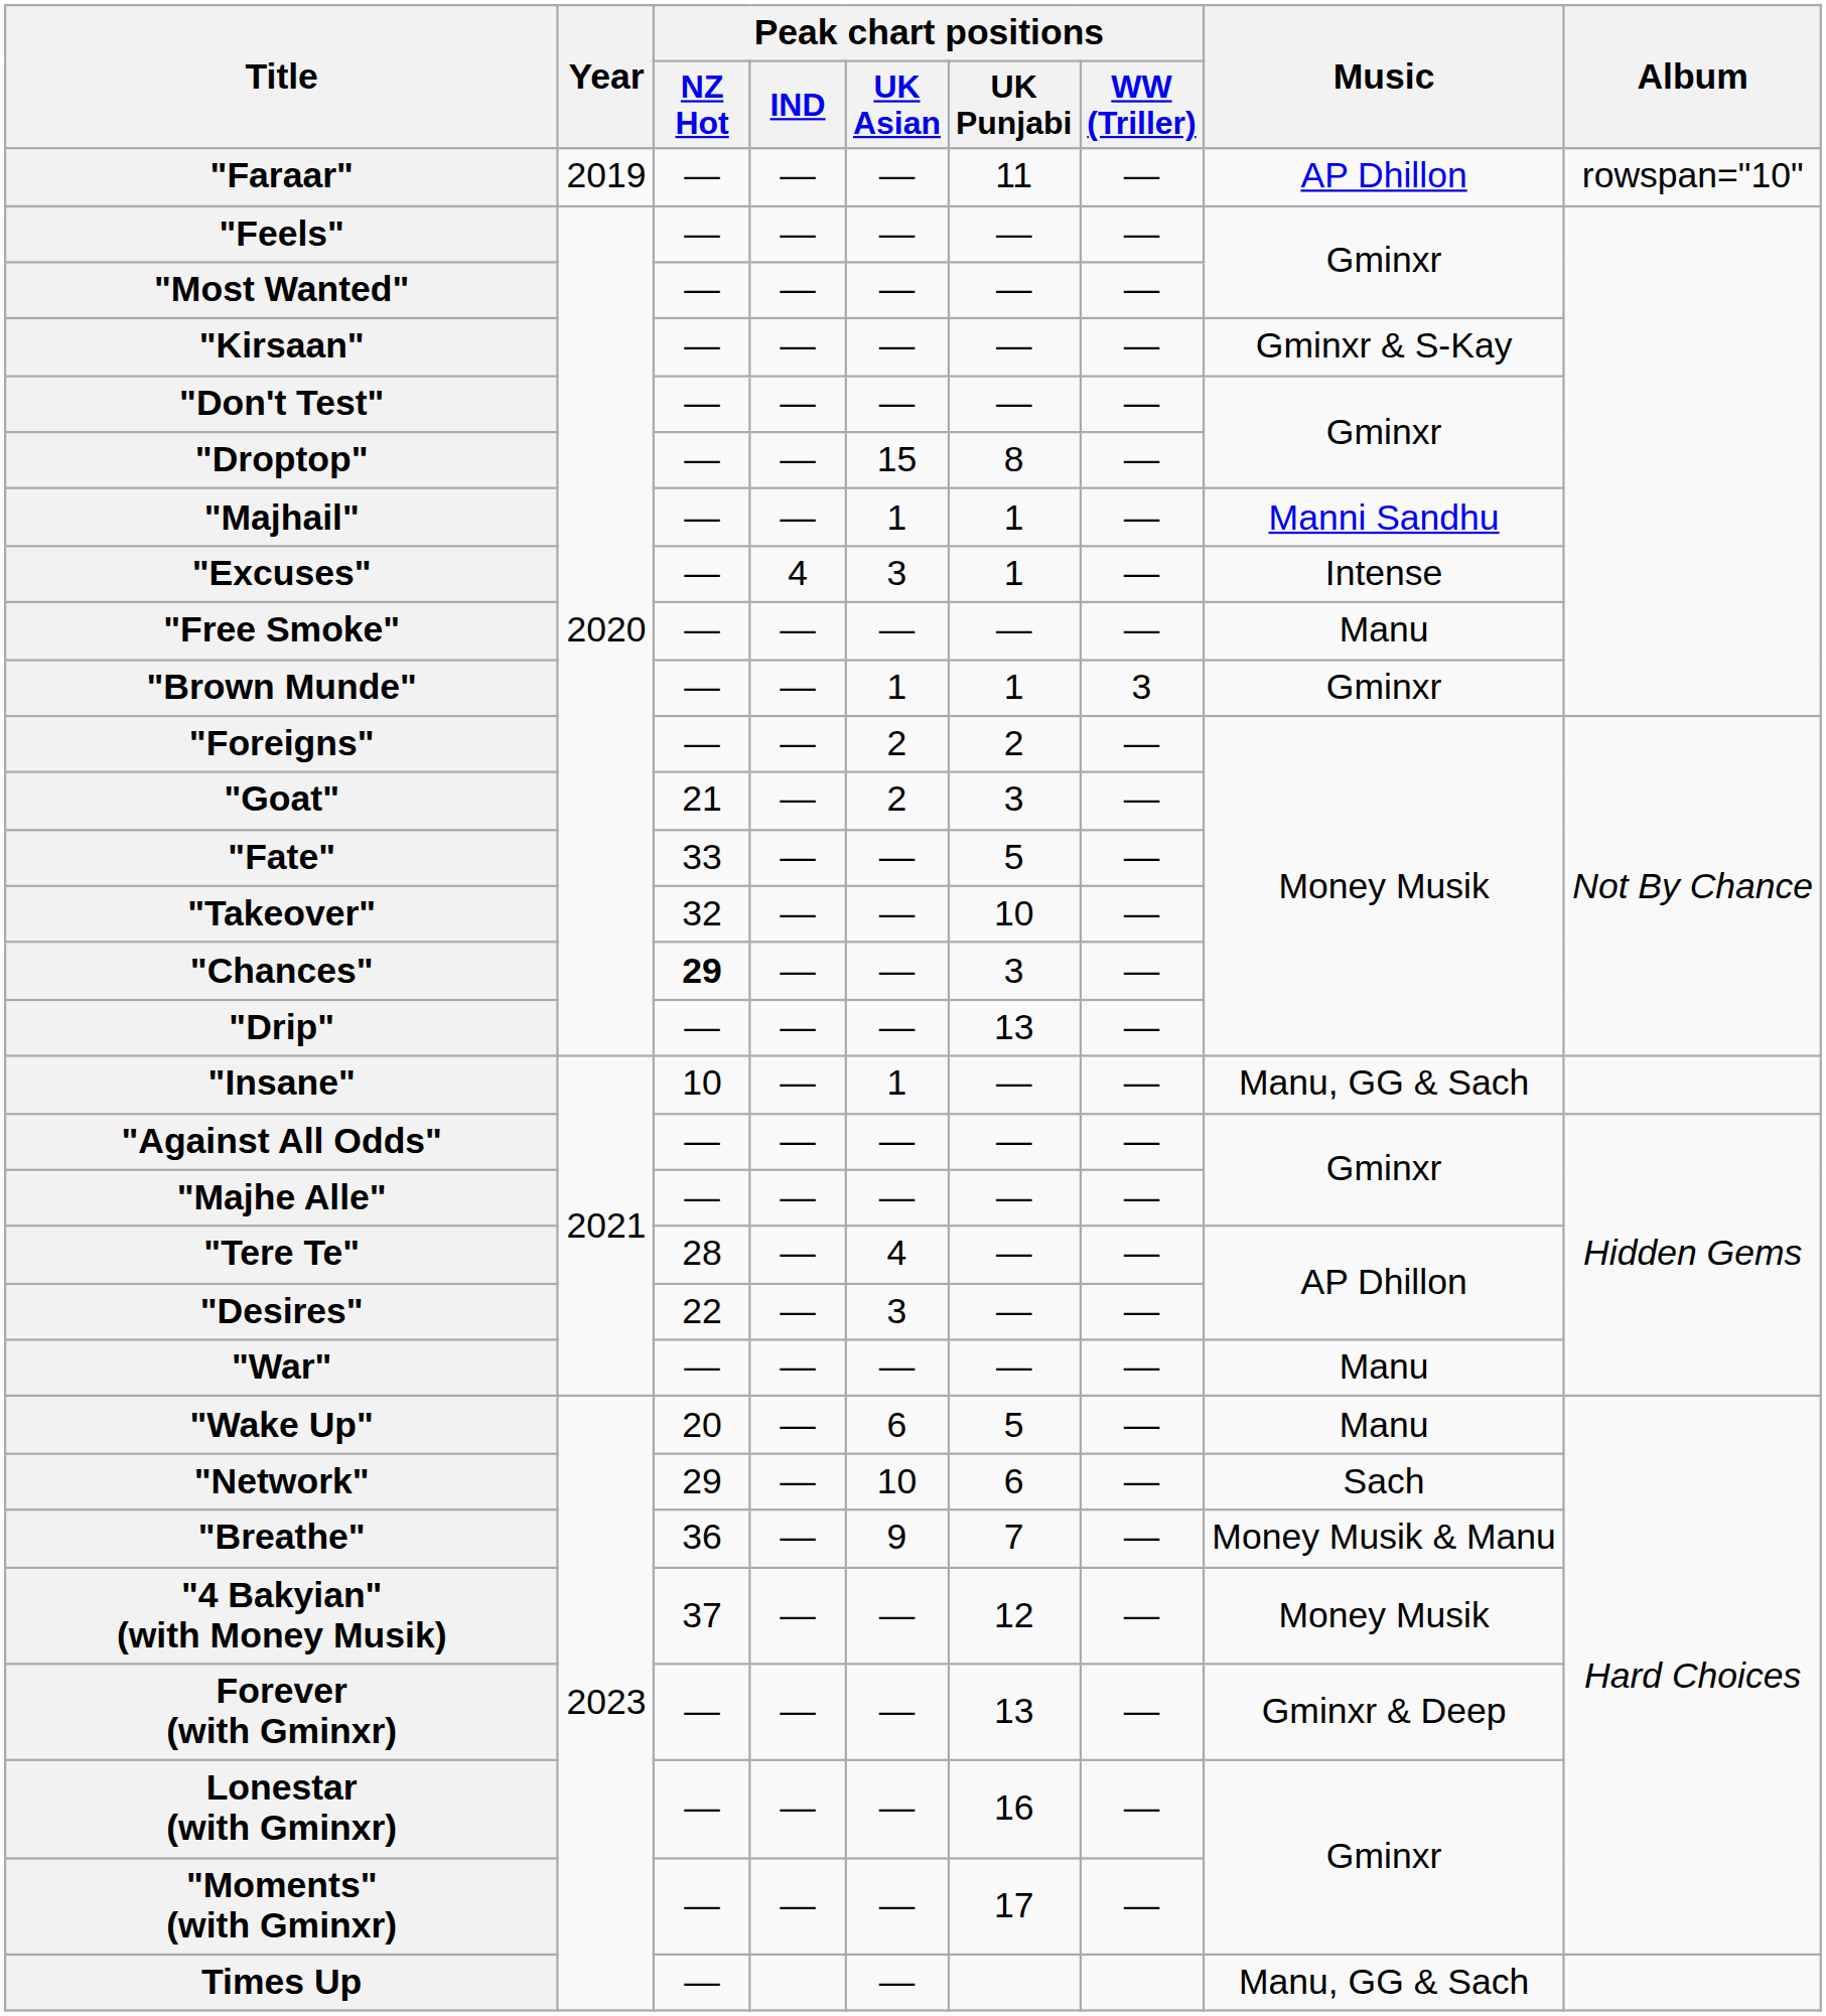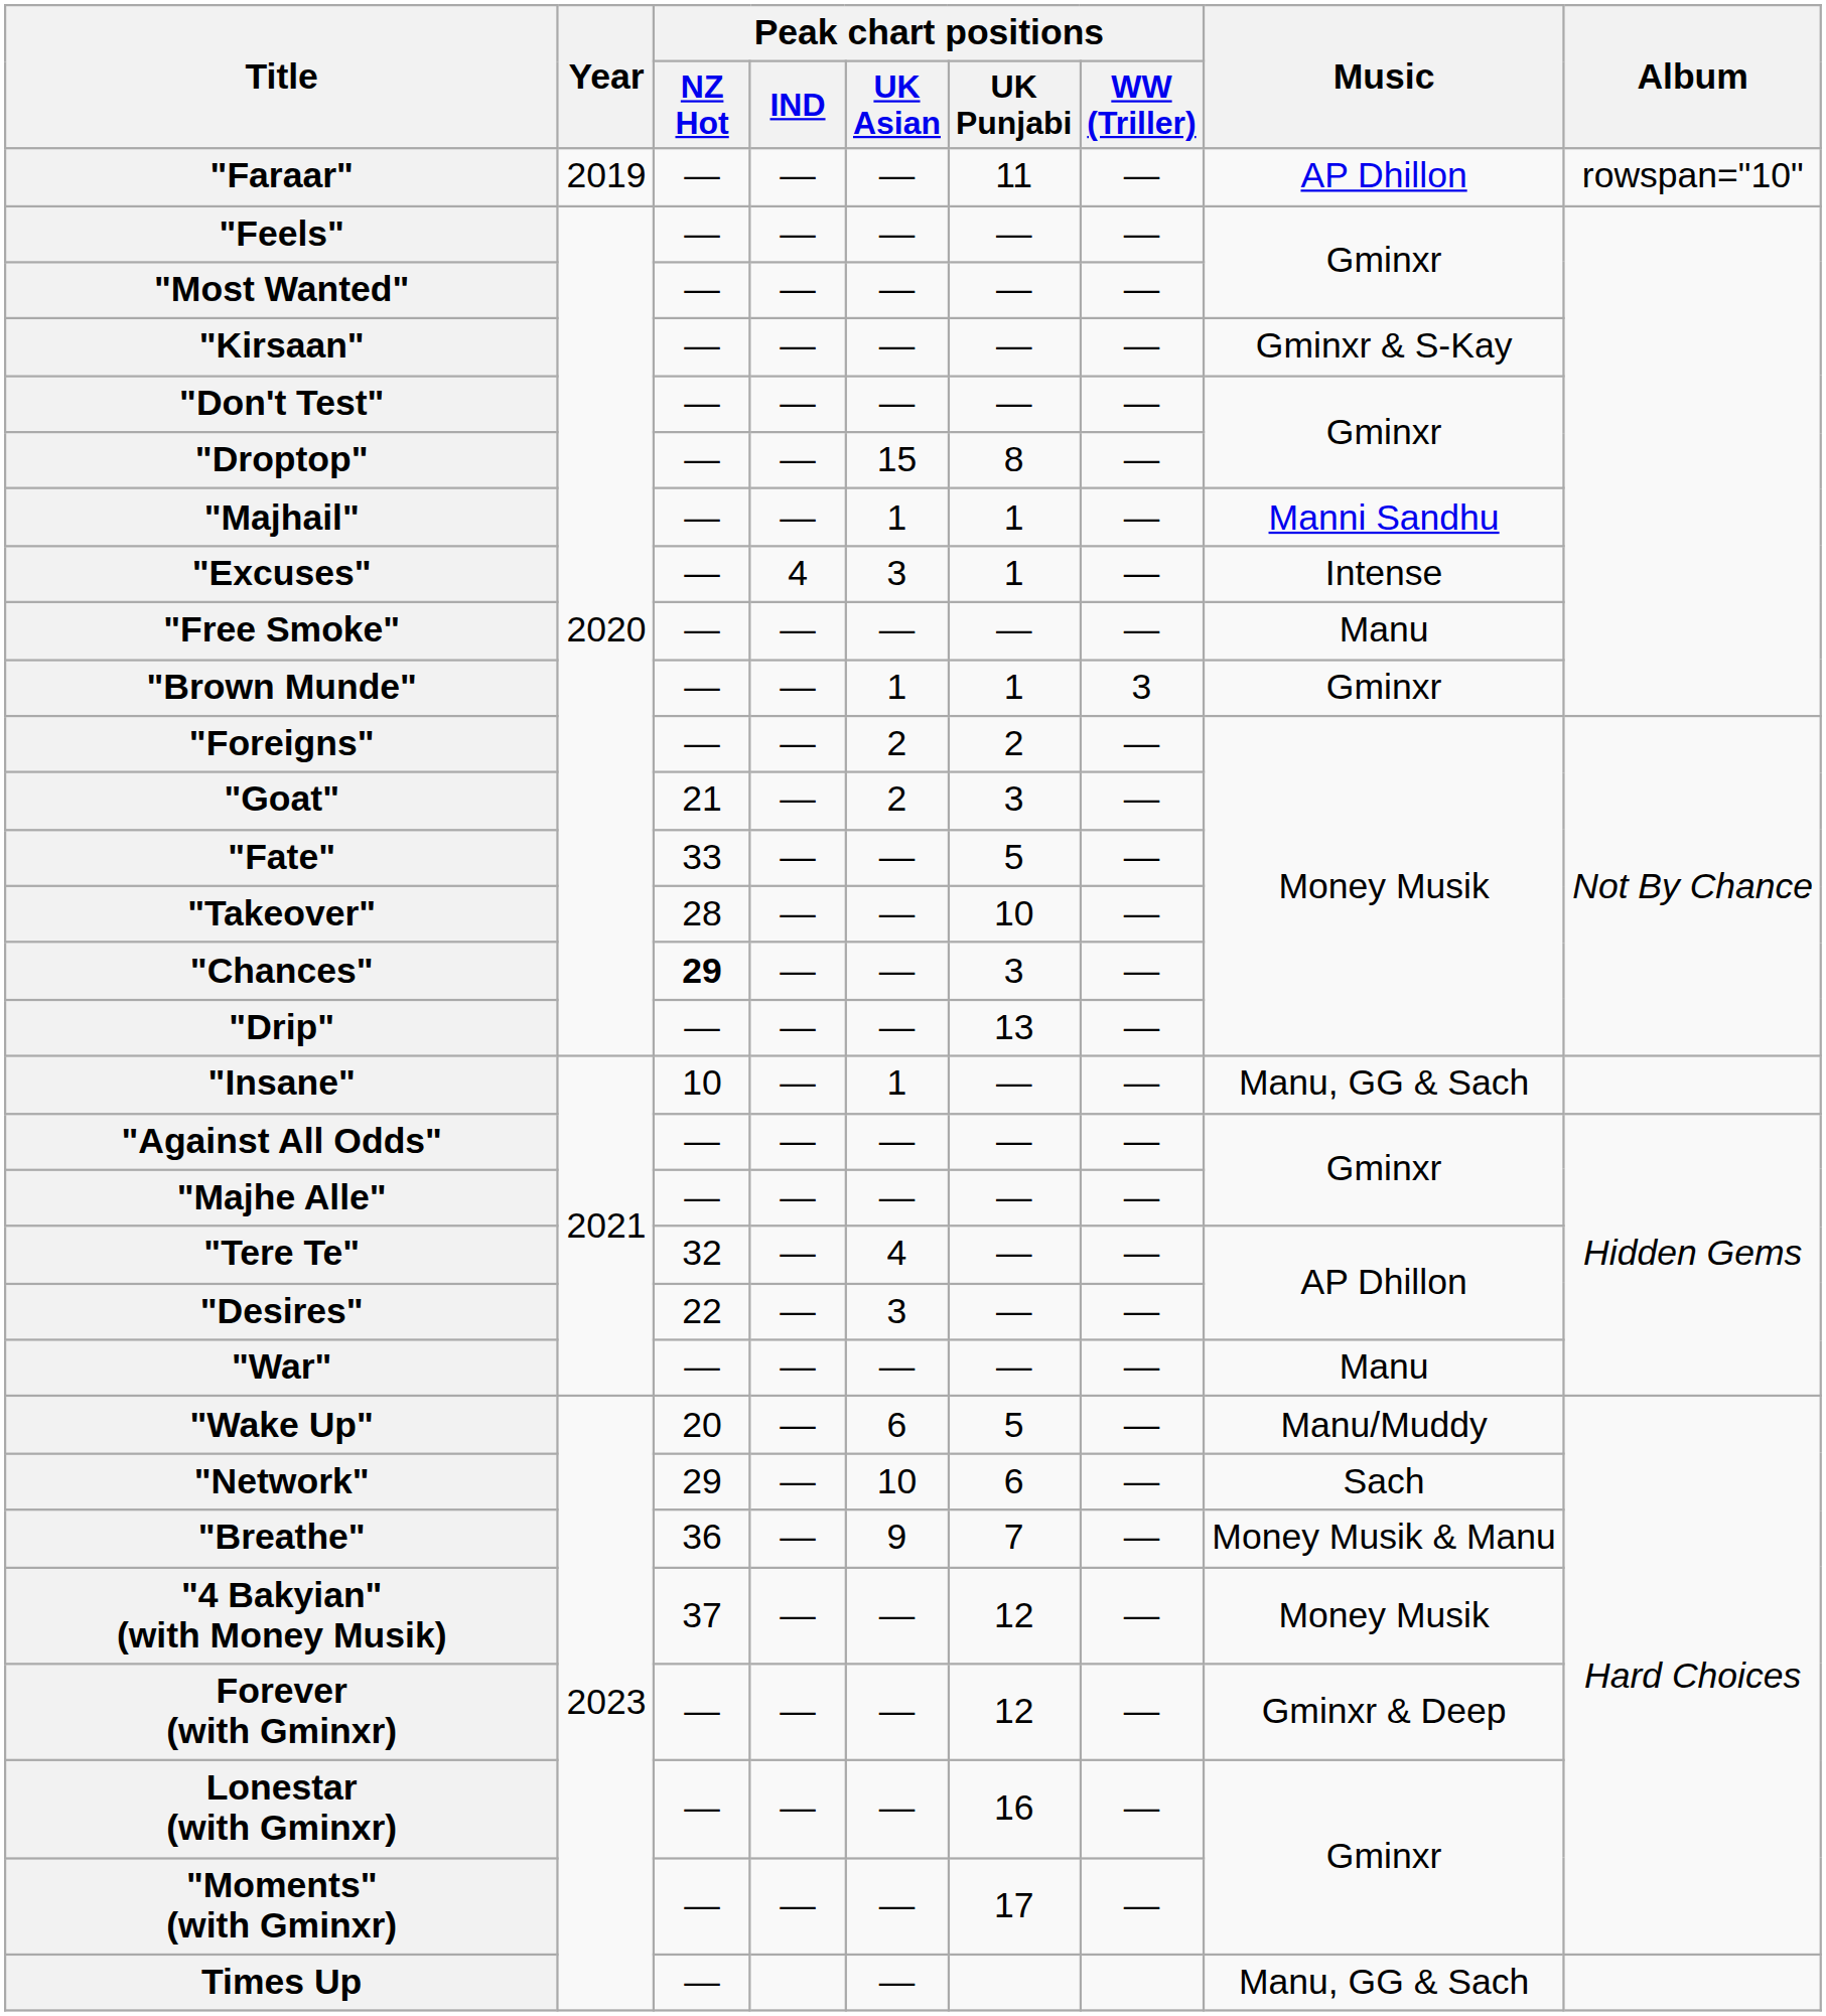 <table class="wikitable plainrowheaders" style="text-align:center;">
 <tr>
 <th rowspan="2" scope="col" style="width:15em;">Title</th>
 <th rowspan="2" scope="col">Year</th>
 <th colspan="5">Peak chart positions</th>
 <th rowspan="2" scope="col">Music</th>
 <th rowspan="2" scope="col">Album</th>
 </tr>
 <tr>
 <th scope="col" style="width:2.5em;font-size:90%;"><a href='#'>NZ<br>Hot</a><br></th>
 <th scope="col" style="width:2.5em;font-size:90%;"><a href='#'>IND</a></th>
 <th scope="col" style="width:2.5em;font-size:90%;"><a href='#'>UK<br>Asian</a></th>
 <th scope="col" style="width:2.5em;font-size:90%;">UK Punjabi</th>
 <th scope="col" style="width:2.5em;font-size:90%;"><a href='#'>WW (Triller)</a></th>
 </tr>
 <tr>
 <th scope="row">"Faraar"<br></th>
 <td>2019</td>
 <td>—</td>
 <td>—</td>
 <td>—</td>
 <td>11</td>
 <td>—</td>
 <td><a href='#'>AP Dhillon</a></td>
 <td>rowspan="10" </td>
 </tr>
 <tr>
 <th scope="row">"Feels"<br></th>
 <td rowspan="15">2020</td>
 <td>—</td>
 <td>—</td>
 <td>—</td>
 <td>—</td>
 <td>—</td>
 <td rowspan="2">Gminxr</td>
 </tr>
 <tr>
 <th scope="row">"Most Wanted"<br></th>
 <td>—</td>
 <td>—</td>
 <td>—</td>
 <td>—</td>
 <td>—</td>
 </tr>
 <tr>
 <th scope="row">"Kirsaan"<br></th>
 <td>—</td>
 <td>—</td>
 <td>—</td>
 <td>—</td>
 <td>—</td>
 <td>Gminxr & S-Kay</td>
 </tr>
 <tr>
 <th scope="row">"Don't Test"</th>
 <td>—</td>
 <td>—</td>
 <td>—</td>
 <td>—</td>
 <td>—</td>
 <td rowspan="2">Gminxr</td>
 </tr>
 <tr>
 <th scope="row">"Droptop"<br></th>
 <td>—</td>
 <td>—</td>
 <td>15</td>
 <td>8</td>
 <td>—</td>
 </tr>
 <tr>
 <th scope="row">"Majhail"<br></th>
 <td>—</td>
 <td>—</td>
 <td>1</td>
 <td>1</td>
 <td>—</td>
 <td><a href='#'>Manni Sandhu</a></td>
 </tr>
 <tr>
 <th scope="row">"Excuses"<br></th>
 <td>—</td>
 <td>4</td>
 <td>3</td>
 <td>1</td>
 <td>—</td>
 <td>Intense</td>
 </tr>
 <tr>
 <th scope="row">"Free Smoke"<br></th>
 <td>—</td>
 <td>—</td>
 <td>—</td>
 <td>—</td>
 <td>—</td>
 <td>Manu</td>
 </tr>
 <tr>
 <th scope="row">"Brown Munde"<br></th>
 <td>—</td>
 <td>—</td>
 <td>1</td>
 <td>1</td>
 <td>3</td>
 <td>Gminxr</td>
 </tr>
 <tr>
 <th scope="row">"Foreigns"<br></th>
 <td>—</td>
 <td>—</td>
 <td>2</td>
 <td>2</td>
 <td>—</td>
 <td rowspan="6">Money Musik</td>
 <td rowspan="6"><em>Not By Chance</em></td>
 </tr>
 <tr>
 <th scope="row">"Goat"<br></th>
 <td>21</td>
 <td>—</td>
 <td>2</td>
 <td>3</td>
 <td>—</td>
 </tr>
 <tr>
 <th scope="row">"Fate"<br></th>
 <td>33</td>
 <td>—</td>
 <td>—</td>
 <td>5</td>
 <td>—</td>
 </tr>
 <tr>
 <th scope="row">"Takeover"<br></th>
-<td>32</td>
+<td>28</td>
 <td>—</td>
 <td>—</td>
 <td>10</td>
 <td>—</td>
 </tr>
 <tr>
 <th scope="row">"Chances"<br></th>
 <td><strong>29</strong></td>
 <td>—</td>
 <td>—</td>
 <td>3</td>
 <td>—</td>
 </tr>
 <tr>
 <th scope="row">"Drip" <br></th>
 <td>—</td>
 <td>—</td>
 <td>—</td>
 <td>13</td>
 <td>—</td>
 </tr>
 <tr>
 <th scope="row">"Insane"<br> </th>
 <td rowspan="6">2021</td>
 <td>10</td>
 <td>—</td>
 <td>1</td>
 <td>—</td>
 <td>—</td>
 <td>Manu, GG & Sach</td>
 <td></td>
 </tr>
 <tr>
 <th scope="row">"Against All Odds"<br> </th>
 <td>—</td>
 <td>—</td>
 <td>—</td>
 <td>—</td>
 <td>—</td>
 <td rowspan="2">Gminxr</td>
 <td rowspan="5"><em>Hidden Gems</em></td>
 </tr>
 <tr>
 <th scope="row">"Majhe Alle"<br> </th>
 <td>—</td>
 <td>—</td>
 <td>—</td>
 <td>—</td>
 <td>—</td>
 </tr>
 <tr>
 <th scope="row">"Tere Te"<br> </th>
-<td>28</td>
+<td>32</td>
 <td>—</td>
 <td>4</td>
 <td>—</td>
 <td>—</td>
 <td rowspan="2">AP Dhillon</td>
 </tr>
 <tr>
 <th scope="row">"Desires"<br> </th>
 <td>22</td>
 <td>—</td>
 <td>3</td>
 <td>—</td>
 <td>—</td>
 </tr>
 <tr>
 <th scope="row">"War" </th>
 <td>—</td>
 <td>—</td>
 <td>—</td>
 <td>—</td>
 <td>—</td>
 <td>Manu</td>
 </tr>
 <tr>
 <th scope="row">"Wake Up"</th>
 <td rowspan="8">2023</td>
 <td>20</td>
 <td>—</td>
 <td>6</td>
 <td>5</td>
 <td>—</td>
-<td>Manu</td>
+<td>Manu/Muddy</td>
 <td rowspan="7"><em>Hard Choices</em></td>
 </tr>
 <tr>
 <th scope="row">"Network"</th>
 <td>29</td>
 <td>—</td>
 <td>10</td>
 <td>6</td>
 <td>—</td>
 <td>Sach</td>
 </tr>
 <tr>
 <th scope="row">"Breathe"</th>
 <td>36</td>
 <td>—</td>
 <td>9</td>
 <td>7</td>
 <td>—</td>
 <td>Money Musik & Manu</td>
 </tr>
 <tr>
 <th scope="row">"4 Bakyian"<br><span>(with Money Musik)</span></th>
 <td>37</td>
 <td>—</td>
 <td>—</td>
 <td>12</td>
 <td>—</td>
 <td>Money Musik</td>
 </tr>
 <tr>
 <th scope="row">Forever<br><span>(with Gminxr)</span></th>
 <td>—</td>
 <td>—</td>
 <td>—</td>
-<td>13</td>
+<td>12</td>
 <td>—</td>
 <td>Gminxr & Deep</td>
 </tr>
 <tr>
 <th scope="row">Lonestar<br><span>(with Gminxr)</span></th>
 <td>—</td>
 <td>—</td>
 <td>—</td>
 <td>16</td>
 <td>—</td>
 <td rowspan="2">Gminxr</td>
 </tr>
 <tr>
 <th scope="row">"Moments"<br><span>(with Gminxr)</span></th>
 <td>—</td>
 <td>—</td>
 <td>—</td>
 <td>17</td>
 <td>—</td>
 </tr>
 <tr>
 <th scope="row">Times Up</th>
 <td>—</td>
 <td></td>
 <td>—</td>
 <td></td>
 <td></td>
 <td>Manu, GG & Sach</td>
 <td></td>
 </tr>
 </table>
